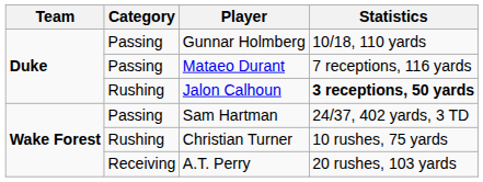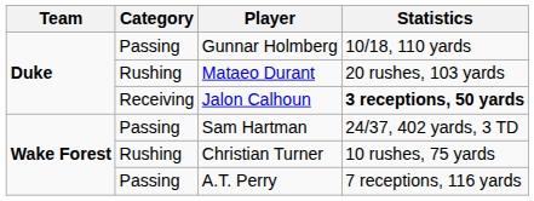 <table class="wikitable" style="float: right;">
 <tr>
 <th>Team</th>
 <th>Category</th>
 <th>Player</th>
 <th>Statistics</th>
 </tr>
 <tr>
 <td rowspan=3><strong>Duke</strong></td>
 <td>Passing</td>
 <td>Gunnar Holmberg</td>
 <td>10/18, 110 yards</td>
 </tr>
 <tr>
-<td>Passing</td>
+<td>Rushing</td>
 <td><a href='#'>Mataeo Durant</a></td>
-<td>7 receptions, 116 yards</td>
+<td>20 rushes, 103 yards</td>
 </tr>
 <tr>
-<td>Rushing</td>
+<td>Receiving</td>
 <td><a href='#'>Jalon Calhoun</a></td>
 <td><strong>3 receptions, 50 yards</strong></td>
 </tr>
 <tr>
 <td rowspan=3><strong>Wake Forest</strong></td>
 <td>Passing</td>
 <td>Sam Hartman</td>
 <td>24/37, 402 yards, 3 TD</td>
 </tr>
 <tr>
 <td>Rushing</td>
 <td>Christian Turner</td>
 <td>10 rushes, 75 yards</td>
 </tr>
 <tr>
-<td>Receiving</td>
+<td>Passing</td>
 <td>A.T. Perry</td>
-<td>20 rushes, 103 yards</td>
+<td>7 receptions, 116 yards</td>
 </tr>
 </table>
